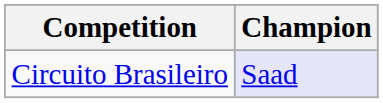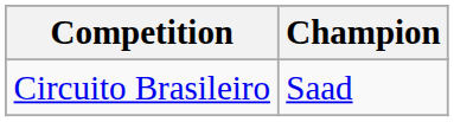 <table class="wikitable">
 <tr>
 <th>Competition</th>
 <th>Champion</th>
 </tr>
 <tr>
 <td><a href='#'>Circuito Brasileiro</a></td>
-<td style="background: lavender;"><a href='#'>Saad</a></td>
+<td><a href='#'>Saad</a></td>
 </tr>
 </table>
